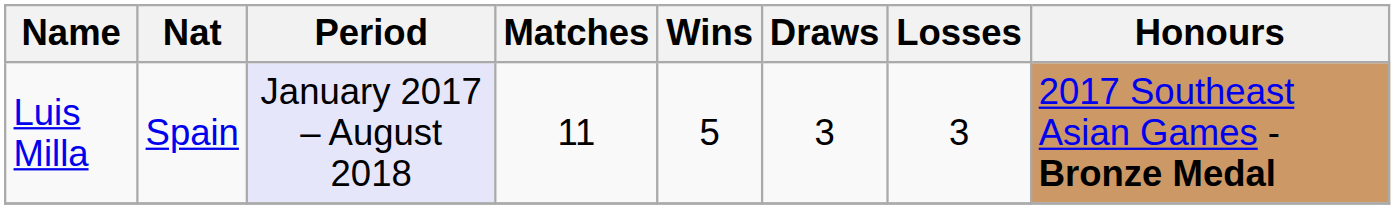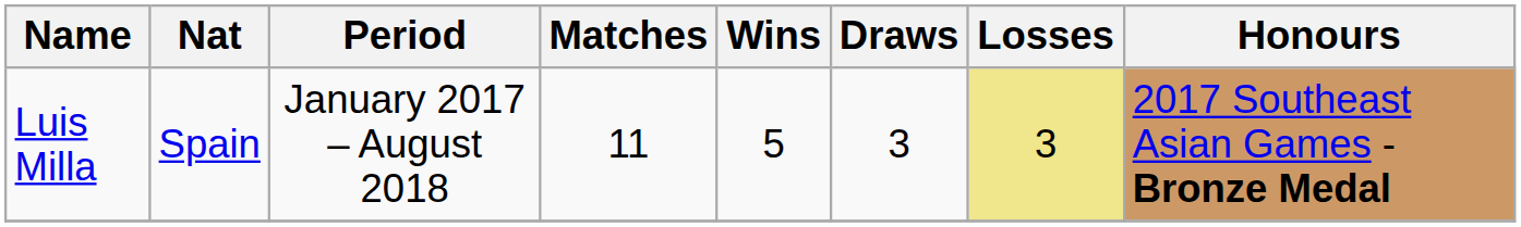 <table class="wikitable">
 <tr>
 <th>Name</th>
 <th>Nat</th>
 <th>Period</th>
 <th>Matches</th>
 <th>Wins</th>
 <th>Draws</th>
 <th>Losses</th>
 <th>Honours</th>
 </tr>
 <tr>
 <td><a href='#'>Luis Milla</a></td>
 <td align="center"> <a href='#'>Spain</a></td>
-<td align="center" style="background: lavender;">January 2017 – August 2018</td>
+<td align="center">January 2017 – August 2018</td>
 <td align="center">11</td>
 <td align="center">5</td>
 <td align="center">3</td>
-<td align="center">3</td>
+<td align="center" style="background: khaki;">3</td>
 <td style=background:#c96><a href='#'>2017 Southeast Asian Games</a> - <strong>Bronze Medal</strong></td>
 </tr>
 <tr>
 </tr>
 </table>
